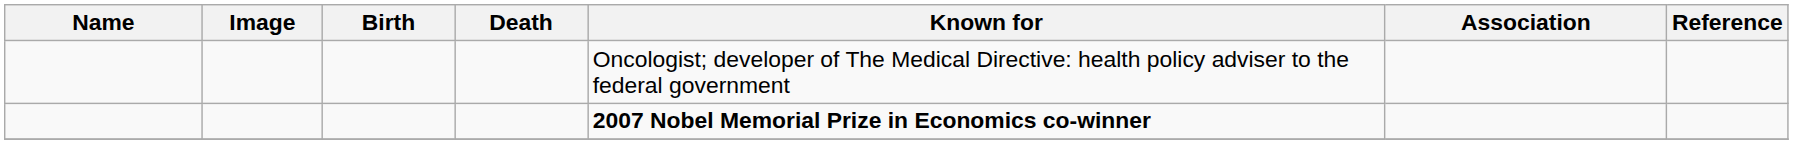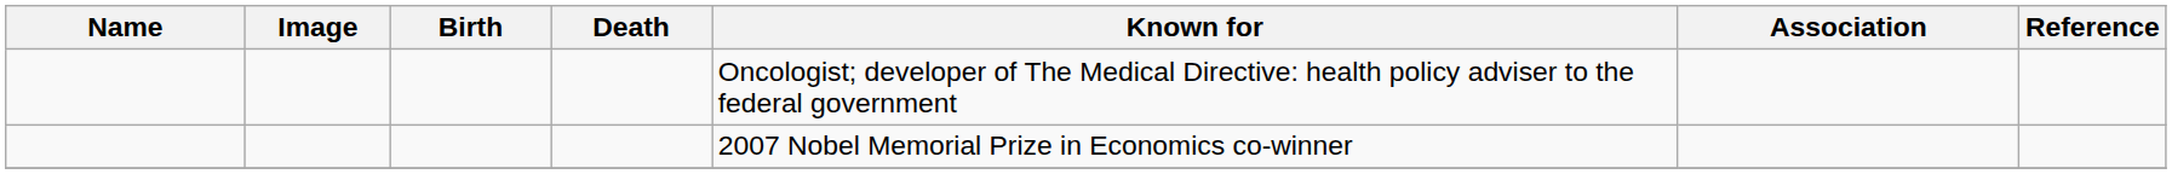 <table class="wikitable sortable">
 <tr>
 <th scope="col" width="140">Name</th>
 <th scope="col" width="80" class="unsortable">Image</th>
 <th scope="col" width="90">Birth</th>
 <th scope="col" width="90">Death</th>
 <th scope="col" width="600" class="unsortable">Known for</th>
 <th scope="col" width="200" class="unsortable">Association</th>
 <th scope="col" width="30" class="unsortable">Reference</th>
 </tr>
 <tr>
 <td></td>
 <td></td>
 <td align=right></td>
 <td></td>
 <td>Oncologist; developer of The Medical Directive: health policy adviser to the federal government</td>
 <td></td>
 <td align="center"></td>
 </tr>
 <tr>
 <td></td>
 <td></td>
 <td align=right></td>
 <td></td>
-<td><strong>2007 Nobel Memorial Prize in Economics co-winner</strong></td>
+<td>2007 Nobel Memorial Prize in Economics co-winner</td>
 <td></td>
 <td align="center"></td>
 </tr>
 <tr>
 </tr>
 </table>
